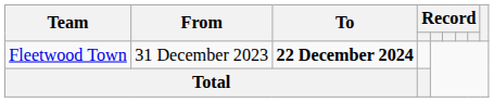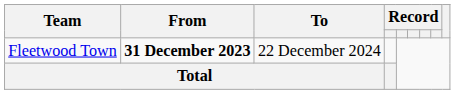 <table class=wikitable style=text-align:center>
 <tr>
 <th rowspan=2>Team</th>
 <th rowspan=2>From</th>
 <th rowspan=2>To</th>
 <th colspan=5>Record</th>
 <th rowspan=2></th>
 </tr>
 <tr>
 <th></th>
 <th></th>
 <th></th>
 <th></th>
 <th></th>
 </tr>
 <tr>
 <td align=centre><a href='#'>Fleetwood Town</a></td>
-<td align=centre>31 December 2023</td>
-<td align=centre><strong>22 December 2024<br></strong></td>
+<td align=centre><strong>31 December 2023</strong></td>
+<td align=centre>22 December 2024<br></td>
 <td></td>
 </tr>
 <tr>
 <th colspan=3>Total<br></th>
 <th></th>
 </tr>
 </table>
